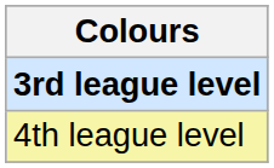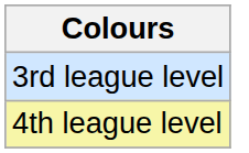 <table class="wikitable">
 <tr>
 <th>Colours</th>
 </tr>
 <tr bgcolor=#D0E7FF>
-<td><strong>3rd league level</strong></td>
+<td>3rd league level</td>
 </tr>
 <tr bgcolor=#F7F6A8>
 <td>4th league level</td>
 </tr>
 </table>
